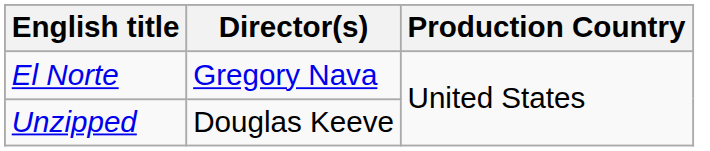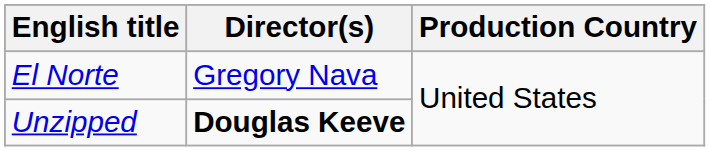 <table class="wikitable plainrowheaders" style="margin-bottom:4px">
 <tr>
 <th scope="col">English title</th>
 <th scope="col">Director(s)</th>
 <th scope="col">Production Country</th>
 </tr>
 <tr>
 <td scope="row"><em><a href='#'>El Norte</a></em></td>
 <td><a href='#'>Gregory Nava</a></td>
 <td rowspan="2">United States</td>
 </tr>
 <tr>
 <td scope="row"><em><a href='#'>Unzipped</a></em></td>
-<td>Douglas Keeve</td>
+<td><strong>Douglas Keeve</strong></td>
 </tr>
 </table>
